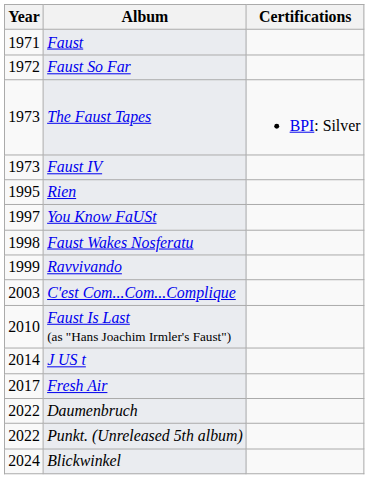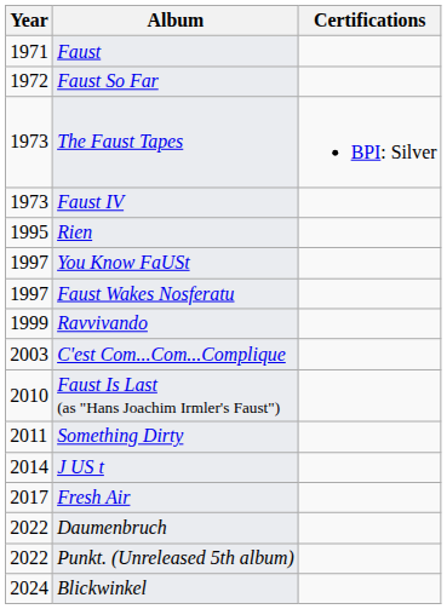 <table class="wikitable plainrowheaders" style="text-align:left;" border="1">
 <tr>
 <th>Year</th>
 <th>Album</th>
 <th>Certifications</th>
 </tr>
 <tr>
 <td>1971</td>
 <td style='background: #EAECF0'><em><a href='#'>Faust</a></em></td>
 <td></td>
 </tr>
 <tr>
 <td>1972</td>
 <td style='background: #EAECF0'><em><a href='#'>Faust So Far</a></em></td>
 <td></td>
 </tr>
 <tr>
 <td>1973</td>
 <td style='background: #EAECF0'><em><a href='#'>The Faust Tapes</a></em></td>
 <td><br><ul><li><a href='#'>BPI</a>: Silver</li></ul></td>
 </tr>
 <tr>
 <td>1973</td>
 <td style='background: #EAECF0'><em><a href='#'>Faust IV</a></em></td>
 <td></td>
 </tr>
 <tr>
 <td>1995</td>
 <td style='background: #EAECF0'><em><a href='#'>Rien</a></em></td>
 <td></td>
 </tr>
 <tr>
 <td>1997</td>
 <td style='background: #EAECF0'><em><a href='#'>You Know FaUSt</a></em></td>
 <td></td>
 </tr>
 <tr>
-<td>1998</td>
+<td>1997</td>
 <td style='background: #EAECF0'><em><a href='#'>Faust Wakes Nosferatu</a></em></td>
 <td></td>
 </tr>
 <tr>
 <td>1999</td>
 <td style='background: #EAECF0'><em><a href='#'>Ravvivando</a></em></td>
 <td></td>
 </tr>
 <tr>
 <td>2003</td>
 <td style='background: #EAECF0'><em><a href='#'>C'est Com...Com...Complique</a></em></td>
 <td></td>
 </tr>
 <tr>
 <td>2010</td>
 <td style='background: #EAECF0'><em><a href='#'>Faust Is Last</a></em><br><small>(as "Hans Joachim Irmler's Faust")</small></td>
+<td></td>
+</tr>
+<tr>
+<td>2011</td>
+<td style='background: #EAECF0'><em><a href='#'>Something Dirty</a></em></td>
 <td></td>
 </tr>
 <tr>
 <td>2014</td>
 <td style='background: #EAECF0'><em><a href='#'>J US t</a></em></td>
 <td></td>
 </tr>
 <tr>
 <td>2017</td>
 <td style='background: #EAECF0'><em><a href='#'>Fresh Air</a></em></td>
 <td></td>
 </tr>
 <tr>
 <td>2022</td>
 <td style='background: #EAECF0'><em>Daumenbruch</em></td>
 <td></td>
 </tr>
 <tr>
 <td>2022</td>
 <td style='background: #EAECF0'><em>Punkt. (Unreleased 5th album)</em></td>
 <td></td>
 </tr>
 <tr>
 <td>2024</td>
 <td style='background: #EAECF0'><em>Blickwinkel</em></td>
 <td></td>
 </tr>
 </table>
